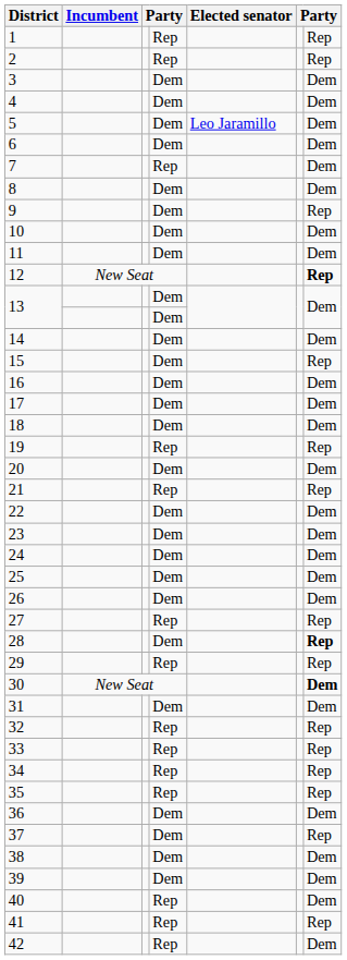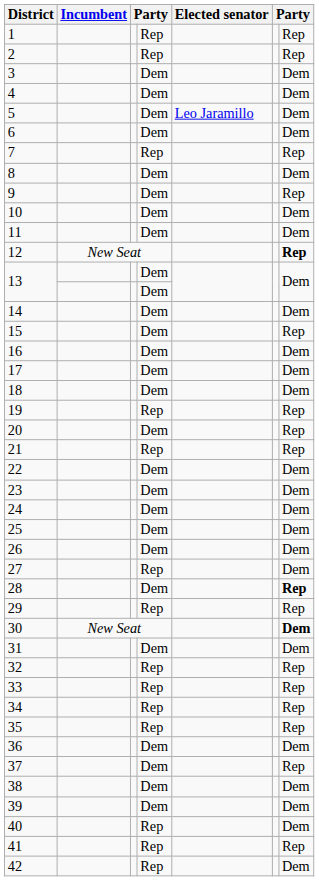 <table class="wikitable sortable" style="font-size:95%;line-height:14px;">
 <tr>
 <th>District</th>
 <th><a href='#'>Incumbent</a></th>
 <th colspan=2>Party</th>
 <th>Elected senator</th>
 <th colspan=2>Party</th>
 </tr>
 <tr>
 <td>1</td>
 <td></td>
 <td style="background:"></td>
 <td>Rep</td>
 <td></td>
 <td style="background:"></td>
 <td>Rep</td>
 </tr>
 <tr>
 <td>2</td>
 <td></td>
 <td style="background:"></td>
 <td>Rep</td>
 <td></td>
 <td style="background:"></td>
 <td>Rep</td>
 </tr>
 <tr>
 <td>3</td>
 <td></td>
 <td style="background:"></td>
 <td>Dem</td>
 <td></td>
 <td style="background:"></td>
 <td>Dem</td>
 </tr>
 <tr>
 <td>4</td>
 <td></td>
 <td style="background:"></td>
 <td>Dem</td>
 <td></td>
 <td style="background:"></td>
 <td>Dem</td>
 </tr>
 <tr>
 <td>5</td>
 <td></td>
 <td style="background:"></td>
 <td>Dem</td>
 <td sortname><a href='#'>Leo Jaramillo</a></td>
 <td style="background:"></td>
 <td>Dem</td>
 </tr>
 <tr>
 <td>6</td>
 <td></td>
 <td style="background:"></td>
 <td>Dem</td>
 <td></td>
 <td style="background:"></td>
 <td>Dem</td>
 </tr>
 <tr>
 <td>7</td>
 <td></td>
 <td style="background:"></td>
 <td>Rep</td>
 <td></td>
 <td style="background:"></td>
-<td>Dem</td>
+<td>Rep</td>
 </tr>
 <tr>
 <td>8</td>
 <td></td>
 <td style="background:"></td>
 <td>Dem</td>
 <td></td>
 <td style="background:"></td>
 <td>Dem</td>
 </tr>
 <tr>
 <td>9</td>
 <td></td>
 <td style="background:"></td>
 <td>Dem</td>
 <td></td>
 <td style="background:"></td>
 <td>Rep</td>
 </tr>
 <tr>
 <td>10</td>
 <td></td>
 <td style="background:"></td>
 <td>Dem</td>
 <td></td>
 <td style="background:"></td>
 <td>Dem</td>
 </tr>
 <tr>
 <td>11</td>
 <td></td>
 <td style="background:"></td>
 <td>Dem</td>
 <td></td>
 <td style="background:"></td>
 <td>Dem</td>
 </tr>
 <tr>
 <td>12</td>
 <td colspan=3 align=center><em>New Seat</em></td>
 <td><strong></strong></td>
 <td style="background:"></td>
 <td><strong>Rep</strong></td>
 </tr>
 <tr>
 <td rowspan=2>13</td>
 <td></td>
 <td style="background:"></td>
 <td>Dem</td>
 <td rowspan=2><em></em> </td>
 <td rowspan=2 style="background:"></td>
 <td rowspan=2>Dem</td>
 </tr>
 <tr>
 <td></td>
 <td style="background:"></td>
 <td>Dem</td>
 </tr>
 <tr>
 <td>14</td>
 <td></td>
 <td style="background:"></td>
 <td>Dem</td>
 <td></td>
 <td style="background:"></td>
 <td>Dem</td>
 </tr>
 <tr>
 <td>15</td>
 <td></td>
 <td style="background:"></td>
 <td>Dem</td>
 <td></td>
 <td style="background:"></td>
 <td>Rep</td>
 </tr>
 <tr>
 <td>16</td>
 <td></td>
 <td style="background:"></td>
 <td>Dem</td>
 <td></td>
 <td style="background:"></td>
 <td>Dem</td>
 </tr>
 <tr>
 <td>17</td>
 <td></td>
 <td style="background:"></td>
 <td>Dem</td>
 <td></td>
 <td style="background:"></td>
 <td>Dem</td>
 </tr>
 <tr>
 <td>18</td>
 <td></td>
 <td style="background:"></td>
 <td>Dem</td>
 <td></td>
 <td style="background:"></td>
 <td>Dem</td>
 </tr>
 <tr>
 <td>19</td>
 <td></td>
 <td style="background:"></td>
 <td>Rep</td>
 <td></td>
 <td style="background:"></td>
 <td>Rep</td>
 </tr>
 <tr>
 <td>20</td>
 <td></td>
 <td style="background:"></td>
 <td>Dem</td>
 <td></td>
 <td style="background:"></td>
-<td>Dem</td>
+<td>Rep</td>
 </tr>
 <tr>
 <td>21</td>
 <td></td>
 <td style="background:"></td>
 <td>Rep</td>
 <td></td>
 <td style="background:"></td>
 <td>Rep</td>
 </tr>
 <tr>
 <td>22</td>
 <td></td>
 <td style="background:"></td>
 <td>Dem</td>
 <td></td>
 <td style="background:"></td>
 <td>Dem</td>
 </tr>
 <tr>
 <td>23</td>
 <td></td>
 <td style="background:"></td>
 <td>Dem</td>
 <td></td>
 <td style="background:"></td>
 <td>Dem</td>
 </tr>
 <tr>
 <td>24</td>
 <td></td>
 <td style="background:"></td>
 <td>Dem</td>
 <td><em></em></td>
 <td style="background:"></td>
 <td>Dem</td>
 </tr>
 <tr>
 <td>25</td>
 <td></td>
 <td style="background:"></td>
 <td>Dem</td>
 <td></td>
 <td style="background:"></td>
 <td>Dem</td>
 </tr>
 <tr>
 <td>26</td>
 <td></td>
 <td style="background:"></td>
 <td>Dem</td>
 <td></td>
 <td style="background:"></td>
 <td>Dem</td>
 </tr>
 <tr>
 <td>27</td>
 <td></td>
 <td style="background:"></td>
 <td>Rep</td>
 <td><em></em></td>
 <td style="background:"></td>
-<td>Rep</td>
+<td>Dem</td>
 </tr>
 <tr>
 <td>28</td>
 <td></td>
 <td style="background:"></td>
 <td>Dem</td>
 <td></td>
 <td style="background:"></td>
 <td><strong>Rep</strong></td>
 </tr>
 <tr>
 <td>29</td>
 <td></td>
 <td style="background:"></td>
 <td>Rep</td>
 <td></td>
 <td style="background:"></td>
 <td>Rep</td>
 </tr>
 <tr>
 <td>30</td>
 <td colspan=3 align=center><em>New Seat</em></td>
 <td><strong></strong></td>
 <td style="background:"></td>
 <td><strong>Dem</strong></td>
 </tr>
 <tr>
 <td>31</td>
 <td></td>
 <td style="background:"></td>
 <td>Dem</td>
 <td></td>
 <td style="background:"></td>
 <td>Dem</td>
 </tr>
 <tr>
 <td>32</td>
 <td></td>
 <td style="background:"></td>
 <td>Rep</td>
 <td><em></em></td>
 <td style="background:"></td>
 <td>Rep</td>
 </tr>
 <tr>
 <td>33</td>
 <td></td>
 <td style="background:"></td>
 <td>Rep</td>
 <td><em></em></td>
 <td style="background:"></td>
 <td>Rep</td>
 </tr>
 <tr>
 <td>34</td>
 <td></td>
 <td style="background:"></td>
 <td>Rep</td>
 <td><em></em></td>
 <td style="background:"></td>
 <td>Rep</td>
 </tr>
 <tr>
 <td>35</td>
 <td></td>
 <td style="background:"></td>
 <td>Rep</td>
 <td></td>
 <td style="background:"></td>
 <td>Rep</td>
 </tr>
 <tr>
 <td>36</td>
 <td></td>
 <td style="background:"></td>
 <td>Dem</td>
 <td></td>
 <td style="background:"></td>
 <td>Dem</td>
 </tr>
 <tr>
 <td>37</td>
 <td></td>
 <td style="background:"></td>
 <td>Dem</td>
 <td></td>
 <td style="background:"></td>
 <td>Rep</td>
 </tr>
 <tr>
 <td>38</td>
 <td></td>
 <td style="background:"></td>
 <td>Dem</td>
 <td></td>
 <td style="background:"></td>
 <td>Dem</td>
 </tr>
 <tr>
 <td>39</td>
 <td></td>
 <td style="background:"></td>
 <td>Dem</td>
 <td></td>
 <td style="background:"></td>
 <td>Dem</td>
 </tr>
 <tr>
 <td>40</td>
 <td></td>
 <td style="background:"></td>
 <td>Rep</td>
 <td></td>
 <td style="background:"></td>
 <td>Dem</td>
 </tr>
 <tr>
 <td>41</td>
 <td></td>
 <td style="background:"></td>
 <td>Rep</td>
 <td></td>
 <td style="background:"></td>
 <td>Rep</td>
 </tr>
 <tr>
 <td>42</td>
 <td></td>
 <td style="background:"></td>
 <td>Rep</td>
 <td><em></em></td>
 <td style="background:"></td>
 <td>Dem</td>
 </tr>
 </table>
